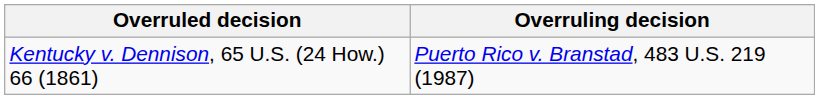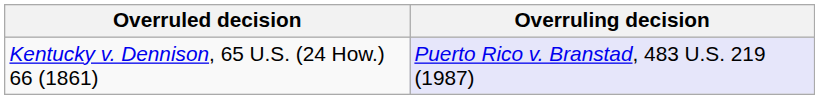 <table class="wikitable sortable collapsible" style="width:100%">
 <tr>
 <th width="50%">Overruled decision</th>
 <th width="50%">Overruling decision</th>
 </tr>
 <tr valign="top">
 <td><em><a href='#'>Kentucky v. Dennison</a></em>, 65 U.S. (24 How.) 66 (1861)</td>
-<td><em><a href='#'>Puerto Rico v. Branstad</a></em>, 483 U.S. 219 (1987)</td>
+<td style="background: lavender;"><em><a href='#'>Puerto Rico v. Branstad</a></em>, 483 U.S. 219 (1987)</td>
 </tr>
 </table>
